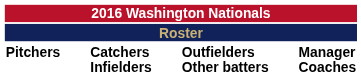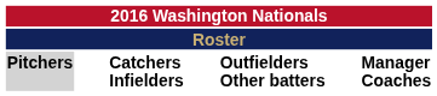 <table class="toccolours" style="font-size: 95%;">
 <tr>
 <th colspan="10" style="background-color: #ba122b; color: #FFFFFF; text-align: center;">2016 Washington Nationals</th>
 </tr>
 <tr>
 <td colspan="10" style="background-color: #11225b; color: #c9b074; text-align: center;"><strong>Roster</strong></td>
 </tr>
 <tr>
-<td valign="top"><strong>Pitchers</strong><br>                       </td>
+<td valign="top" style="background: lightgrey;"><strong>Pitchers</strong><br>                       </td>
 <td width="25px"></td>
 <td valign="top"><strong>Catchers</strong><br>   <strong>Infielders</strong>       </td>
 <td width="25px"></td>
 <td valign="top"><strong>Outfielders</strong><br>        <strong>Other batters</strong> </td>
 <td width="25px"></td>
 <td valign="top"><strong>Manager</strong><br> <strong>Coaches</strong>            </td>
 </tr>
 <tr>
 </tr>
 </table>
